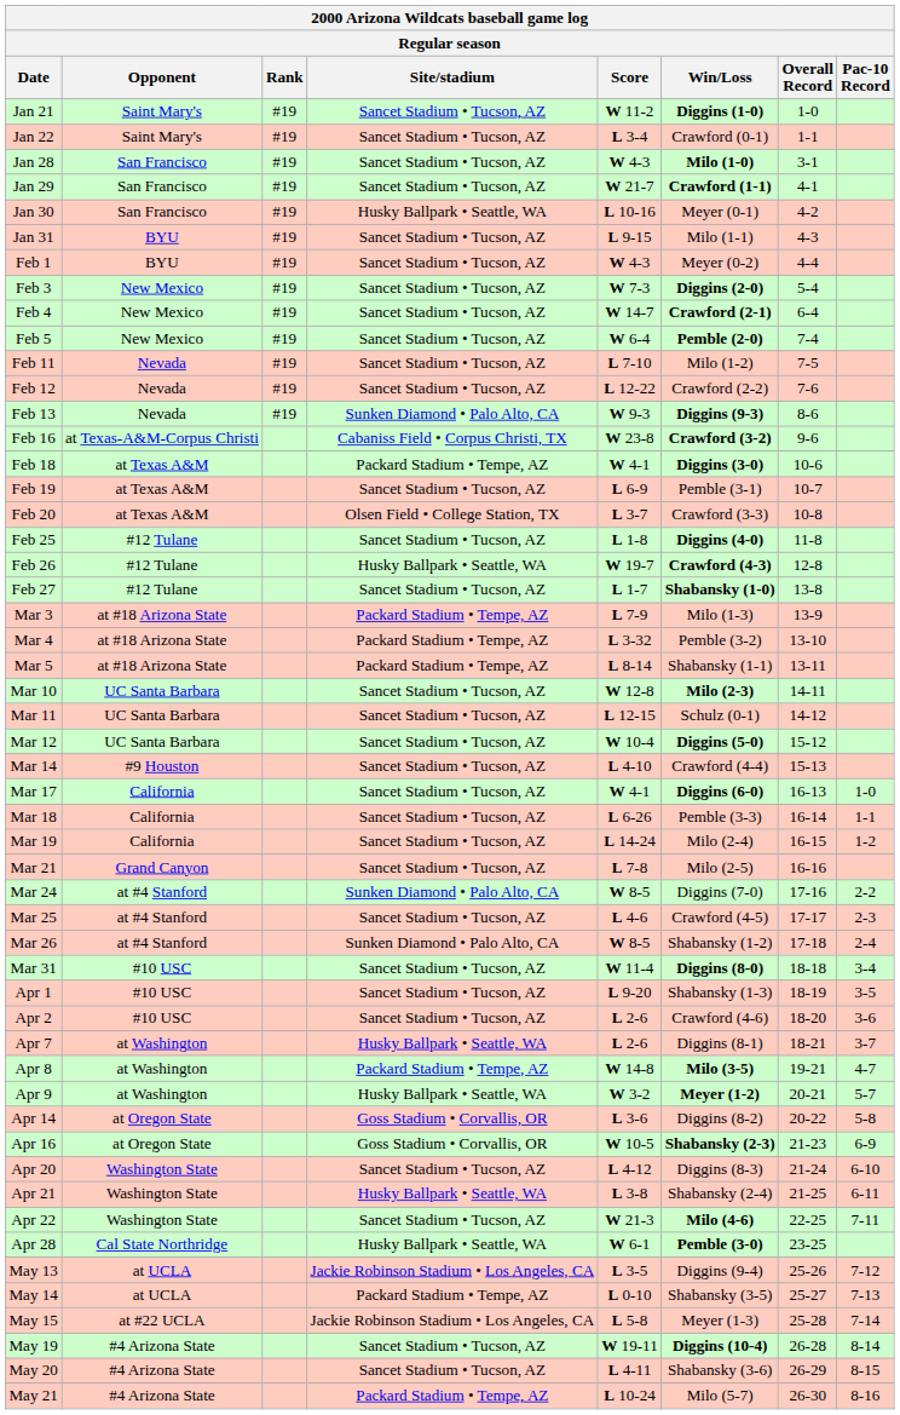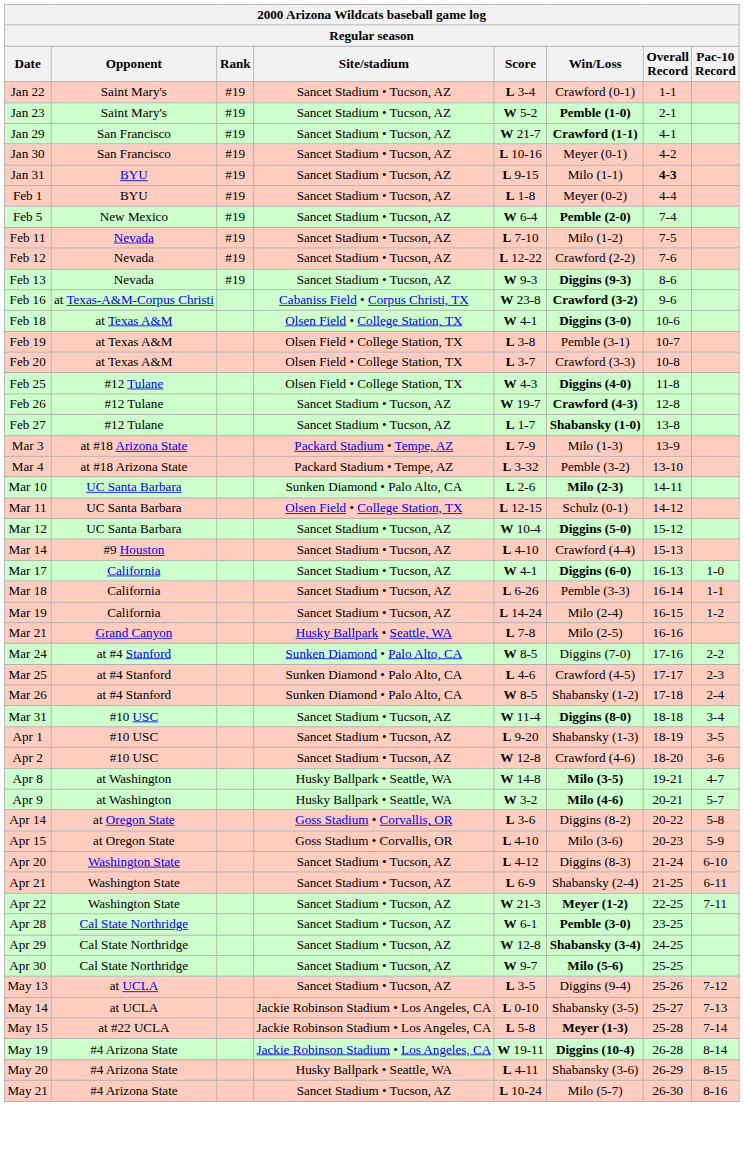 <table class="wikitable">
 <tr>
 <th colspan="8">2000 Arizona Wildcats baseball game log</th>
 </tr>
 <tr>
 <th colspan="8">Regular season</th>
 </tr>
 <tr>
 <th>Date</th>
 <th>Opponent</th>
 <th>Rank</th>
 <th>Site/stadium</th>
 <th>Score</th>
 <th>Win/Loss</th>
 <th>Overall<br>Record</th>
 <th>Pac-10<br>Record</th>
 </tr>
-<tr bgcolor="ccffcc" align="center">
-<td>Jan 21</td>
-<td><a href='#'>Saint Mary's</a></td>
-<td>#19</td>
-<td><a href='#'>Sancet Stadium</a> • <a href='#'>Tucson, AZ</a></td>
-<td><strong>W</strong> 11-2</td>
-<td><strong>Diggins (1-0)</strong></td>
-<td>1-0</td>
-<td></td>
-</tr>
 <tr bgcolor="ffccc" align="center">
 <td>Jan 22</td>
 <td>Saint Mary's</td>
 <td>#19</td>
 <td>Sancet Stadium • Tucson, AZ</td>
 <td><strong>L</strong> 3-4</td>
 <td>Crawford (0-1)</td>
 <td>1-1</td>
 <td></td>
 </tr>
 <tr bgcolor="ccffcc" align="center">
-<td>Jan 28</td>
-<td><a href='#'>San Francisco</a></td>
+<td>Jan 23</td>
+<td>Saint Mary's</td>
 <td>#19</td>
 <td>Sancet Stadium • Tucson, AZ</td>
-<td><strong>W</strong> 4-3</td>
-<td><strong>Milo (1-0)</strong></td>
-<td>3-1</td>
+<td><strong>W</strong> 5-2</td>
+<td><strong>Pemble (1-0)</strong></td>
+<td>2-1</td>
 <td></td>
 </tr>
 <tr bgcolor="ccffcc" align="center">
 <td>Jan 29</td>
 <td>San Francisco</td>
 <td>#19</td>
 <td>Sancet Stadium • Tucson, AZ</td>
 <td><strong>W</strong> 21-7</td>
 <td><strong>Crawford (1-1)</strong></td>
 <td>4-1</td>
 <td></td>
 </tr>
 <tr bgcolor="ffccc" align="center">
 <td>Jan 30</td>
 <td>San Francisco</td>
 <td>#19</td>
-<td>Husky Ballpark • Seattle, WA</td>
+<td>Sancet Stadium • Tucson, AZ</td>
 <td><strong>L</strong> 10-16</td>
 <td>Meyer (0-1)</td>
 <td>4-2</td>
 <td></td>
 </tr>
 <tr bgcolor="ffccc" align="center">
 <td>Jan 31</td>
 <td><a href='#'>BYU</a></td>
 <td>#19</td>
 <td>Sancet Stadium • Tucson, AZ</td>
 <td><strong>L</strong> 9-15</td>
 <td>Milo (1-1)</td>
-<td>4-3</td>
+<td><strong>4-3</strong></td>
 <td></td>
 </tr>
 <tr bgcolor="ffccc" align="center">
 <td>Feb 1</td>
 <td>BYU</td>
 <td>#19</td>
 <td>Sancet Stadium • Tucson, AZ</td>
-<td><strong>W</strong> 4-3</td>
+<td><strong>L</strong> 1-8</td>
 <td>Meyer (0-2)</td>
 <td>4-4</td>
-<td></td>
-</tr>
-<tr bgcolor="ccffcc" align="center">
-<td>Feb 3</td>
-<td><a href='#'>New Mexico</a></td>
-<td>#19</td>
-<td>Sancet Stadium • Tucson, AZ</td>
-<td><strong>W</strong> 7-3</td>
-<td><strong>Diggins (2-0)</strong></td>
-<td>5-4</td>
-<td></td>
-</tr>
-<tr bgcolor="ccffcc" align="center">
-<td>Feb 4</td>
-<td>New Mexico</td>
-<td>#19</td>
-<td>Sancet Stadium • Tucson, AZ</td>
-<td><strong>W</strong> 14-7</td>
-<td><strong>Crawford (2-1)</strong></td>
-<td>6-4</td>
 <td></td>
 </tr>
 <tr bgcolor="ccffcc" align="center">
 <td>Feb 5</td>
 <td>New Mexico</td>
 <td>#19</td>
 <td>Sancet Stadium • Tucson, AZ</td>
 <td><strong>W</strong> 6-4</td>
 <td><strong>Pemble (2-0)</strong></td>
 <td>7-4</td>
 <td></td>
 </tr>
 <tr bgcolor="ffccc" align="center">
 <td>Feb 11</td>
 <td><a href='#'>Nevada</a></td>
 <td>#19</td>
 <td>Sancet Stadium • Tucson, AZ</td>
 <td><strong>L</strong> 7-10</td>
 <td>Milo (1-2)</td>
 <td>7-5</td>
 <td></td>
 </tr>
 <tr bgcolor="ffccc" align="center">
 <td>Feb 12</td>
 <td>Nevada</td>
 <td>#19</td>
 <td>Sancet Stadium • Tucson, AZ</td>
 <td><strong>L</strong> 12-22</td>
 <td>Crawford (2-2)</td>
 <td>7-6</td>
 <td></td>
 </tr>
 <tr bgcolor="ccffcc" align="center">
 <td>Feb 13</td>
 <td>Nevada</td>
 <td>#19</td>
-<td><a href='#'>Sunken Diamond</a> • <a href='#'>Palo Alto, CA</a></td>
+<td>Sancet Stadium • Tucson, AZ</td>
 <td><strong>W</strong> 9-3</td>
 <td><strong>Diggins (9-3)</strong></td>
 <td>8-6</td>
 <td></td>
 </tr>
 <tr bgcolor="ccffcc" align="center">
 <td>Feb 16</td>
 <td>at <a href='#'>Texas-A&M-Corpus Christi</a></td>
 <td></td>
 <td><a href='#'>Cabaniss Field</a> • <a href='#'>Corpus Christi, TX</a></td>
 <td><strong>W</strong> 23-8</td>
 <td><strong>Crawford (3-2)</strong></td>
 <td>9-6</td>
 <td></td>
 </tr>
 <tr bgcolor="ccffcc" align="center">
 <td>Feb 18</td>
 <td>at <a href='#'>Texas A&M</a></td>
 <td></td>
-<td>Packard Stadium • Tempe, AZ</td>
+<td><a href='#'>Olsen Field</a> • <a href='#'>College Station, TX</a></td>
 <td><strong>W</strong> 4-1</td>
 <td><strong>Diggins (3-0)</strong></td>
 <td>10-6</td>
 <td></td>
 </tr>
 <tr bgcolor="ffccc" align="center">
 <td>Feb 19</td>
 <td>at Texas A&M</td>
 <td></td>
-<td>Sancet Stadium • Tucson, AZ</td>
-<td><strong>L</strong> 6-9</td>
+<td>Olsen Field • College Station, TX</td>
+<td><strong>L</strong> 3-8</td>
 <td>Pemble (3-1)</td>
 <td>10-7</td>
 <td></td>
 </tr>
 <tr bgcolor="ffccc" align="center">
 <td>Feb 20</td>
 <td>at Texas A&M</td>
 <td></td>
 <td>Olsen Field • College Station, TX</td>
 <td><strong>L</strong> 3-7</td>
 <td>Crawford (3-3)</td>
 <td>10-8</td>
 <td></td>
 </tr>
 <tr bgcolor="ccffcc" align="center">
 <td>Feb 25</td>
 <td>#12 <a href='#'>Tulane</a></td>
 <td></td>
-<td>Sancet Stadium • Tucson, AZ</td>
-<td><strong>L</strong> 1-8</td>
+<td>Olsen Field • College Station, TX</td>
+<td><strong>W</strong> 4-3</td>
 <td><strong>Diggins (4-0)</strong></td>
 <td>11-8</td>
 <td></td>
 </tr>
 <tr bgcolor="ccffcc" align="center">
 <td>Feb 26</td>
 <td>#12 Tulane</td>
 <td></td>
-<td>Husky Ballpark • Seattle, WA</td>
+<td>Sancet Stadium • Tucson, AZ</td>
 <td><strong>W</strong> 19-7</td>
 <td><strong>Crawford (4-3)</strong></td>
 <td>12-8</td>
 <td></td>
 </tr>
 <tr bgcolor="ccffcc" align="center">
 <td>Feb 27</td>
 <td>#12 Tulane</td>
 <td></td>
 <td>Sancet Stadium • Tucson, AZ</td>
 <td><strong>L</strong> 1-7</td>
 <td><strong>Shabansky (1-0)</strong></td>
 <td>13-8</td>
 <td></td>
 </tr>
 <tr bgcolor="ffccc" align="center">
 <td>Mar 3</td>
 <td>at #18 <a href='#'>Arizona State</a></td>
 <td></td>
 <td><a href='#'>Packard Stadium</a> • <a href='#'>Tempe, AZ</a></td>
 <td><strong>L</strong> 7-9</td>
 <td>Milo (1-3)</td>
 <td>13-9</td>
 <td></td>
 </tr>
 <tr bgcolor="ffccc" align="center">
 <td>Mar 4</td>
 <td>at #18 Arizona State</td>
 <td></td>
 <td>Packard Stadium • Tempe, AZ</td>
 <td><strong>L</strong> 3-32</td>
 <td>Pemble (3-2)</td>
 <td>13-10</td>
 <td></td>
 </tr>
-<tr bgcolor="ffccc" align="center">
-<td>Mar 5</td>
-<td>at #18 Arizona State</td>
-<td></td>
-<td>Packard Stadium • Tempe, AZ</td>
-<td><strong>L</strong> 8-14</td>
-<td>Shabansky (1-1)</td>
-<td>13-11</td>
-<td></td>
-</tr>
 <tr bgcolor="ccffcc" align="center">
 <td>Mar 10</td>
 <td><a href='#'>UC Santa Barbara</a></td>
 <td></td>
-<td>Sancet Stadium • Tucson, AZ</td>
-<td><strong>W</strong> 12-8</td>
+<td>Sunken Diamond • Palo Alto, CA</td>
+<td><strong>L</strong> 2-6</td>
 <td><strong>Milo (2-3)</strong></td>
 <td>14-11</td>
 <td></td>
 </tr>
 <tr bgcolor="ffccc" align="center">
 <td>Mar 11</td>
 <td>UC Santa Barbara</td>
 <td></td>
-<td>Sancet Stadium • Tucson, AZ</td>
+<td><a href='#'>Olsen Field</a> • <a href='#'>College Station, TX</a></td>
 <td><strong>L</strong> 12-15</td>
 <td>Schulz (0-1)</td>
 <td>14-12</td>
 <td></td>
 </tr>
 <tr bgcolor="ccffcc" align="center">
 <td>Mar 12</td>
 <td>UC Santa Barbara</td>
 <td></td>
 <td>Sancet Stadium • Tucson, AZ</td>
 <td><strong>W</strong> 10-4</td>
 <td><strong>Diggins (5-0)</strong></td>
 <td>15-12</td>
 <td></td>
 </tr>
 <tr bgcolor="ffccc" align="center">
 <td>Mar 14</td>
 <td>#9 <a href='#'>Houston</a></td>
 <td></td>
 <td>Sancet Stadium • Tucson, AZ</td>
 <td><strong>L</strong> 4-10</td>
 <td>Crawford (4-4)</td>
 <td>15-13</td>
 <td></td>
 </tr>
 <tr bgcolor="ccffcc" align="center">
 <td>Mar 17</td>
 <td><a href='#'>California</a></td>
 <td></td>
 <td>Sancet Stadium • Tucson, AZ</td>
 <td><strong>W</strong> 4-1</td>
 <td><strong>Diggins (6-0)</strong></td>
 <td>16-13</td>
 <td>1-0</td>
 </tr>
 <tr bgcolor="ffccc" align="center">
 <td>Mar 18</td>
 <td>California</td>
 <td></td>
 <td>Sancet Stadium • Tucson, AZ</td>
 <td><strong>L</strong> 6-26</td>
 <td>Pemble (3-3)</td>
 <td>16-14</td>
 <td>1-1</td>
 </tr>
 <tr bgcolor="ffccc" align="center">
 <td>Mar 19</td>
 <td>California</td>
 <td></td>
 <td>Sancet Stadium • Tucson, AZ</td>
 <td><strong>L</strong> 14-24</td>
 <td>Milo (2-4)</td>
 <td>16-15</td>
 <td>1-2</td>
 </tr>
 <tr bgcolor="ffccc" align="center">
 <td>Mar 21</td>
 <td><a href='#'>Grand Canyon</a></td>
 <td></td>
-<td>Sancet Stadium • Tucson, AZ</td>
+<td><a href='#'>Husky Ballpark</a> • <a href='#'>Seattle, WA</a></td>
 <td><strong>L</strong> 7-8</td>
 <td>Milo (2-5)</td>
 <td>16-16</td>
 <td></td>
 </tr>
 <tr bgcolor="ccffcc" align="center">
 <td>Mar 24</td>
 <td>at #4 <a href='#'>Stanford</a></td>
 <td></td>
 <td><a href='#'>Sunken Diamond</a> • <a href='#'>Palo Alto, CA</a></td>
 <td><strong>W</strong> 8-5</td>
 <td>Diggins (7-0)</td>
 <td>17-16</td>
 <td>2-2</td>
 </tr>
 <tr bgcolor="ffccc" align="center">
 <td>Mar 25</td>
 <td>at #4 Stanford</td>
 <td></td>
-<td>Sancet Stadium • Tucson, AZ</td>
+<td>Sunken Diamond • Palo Alto, CA</td>
 <td><strong>L</strong> 4-6</td>
 <td>Crawford (4-5)</td>
 <td>17-17</td>
 <td>2-3</td>
 </tr>
 <tr bgcolor="ffccc" align="center">
 <td>Mar 26</td>
 <td>at #4 Stanford</td>
 <td></td>
 <td>Sunken Diamond • Palo Alto, CA</td>
 <td><strong>W</strong> 8-5</td>
 <td>Shabansky (1-2)</td>
 <td>17-18</td>
 <td>2-4</td>
 </tr>
 <tr bgcolor="ccffcc" align="center">
 <td>Mar 31</td>
 <td>#10 <a href='#'>USC</a></td>
 <td></td>
 <td>Sancet Stadium • Tucson, AZ</td>
 <td><strong>W</strong> 11-4</td>
 <td><strong>Diggins (8-0)</strong></td>
 <td>18-18</td>
 <td>3-4</td>
 </tr>
 <tr bgcolor="ffccc" align="center">
 <td>Apr 1</td>
 <td>#10 USC</td>
 <td></td>
 <td>Sancet Stadium • Tucson, AZ</td>
 <td><strong>L</strong> 9-20</td>
 <td>Shabansky (1-3)</td>
 <td>18-19</td>
 <td>3-5</td>
 </tr>
 <tr bgcolor="ffccc" align="center">
 <td>Apr 2</td>
 <td>#10 USC</td>
 <td></td>
 <td>Sancet Stadium • Tucson, AZ</td>
-<td><strong>L</strong> 2-6</td>
+<td><strong>W</strong> 12-8</td>
 <td>Crawford (4-6)</td>
 <td>18-20</td>
 <td>3-6</td>
-</tr>
-<tr bgcolor="ffccc" align="center">
-<td>Apr 7</td>
-<td>at <a href='#'>Washington</a></td>
-<td></td>
-<td><a href='#'>Husky Ballpark</a> • <a href='#'>Seattle, WA</a></td>
-<td><strong>L</strong> 2-6</td>
-<td>Diggins (8-1)</td>
-<td>18-21</td>
-<td>3-7</td>
 </tr>
 <tr bgcolor="ccffcc" align="center">
 <td>Apr 8</td>
 <td>at Washington</td>
 <td></td>
-<td><a href='#'>Packard Stadium</a> • <a href='#'>Tempe, AZ</a></td>
+<td>Husky Ballpark • Seattle, WA</td>
 <td><strong>W</strong> 14-8</td>
 <td><strong>Milo (3-5)</strong></td>
 <td>19-21</td>
 <td>4-7</td>
 </tr>
 <tr bgcolor="ccffcc" align="center">
 <td>Apr 9</td>
 <td>at Washington</td>
 <td></td>
 <td>Husky Ballpark • Seattle, WA</td>
 <td><strong>W</strong> 3-2</td>
-<td><strong>Meyer (1-2)</strong></td>
+<td><strong>Milo (4-6)</strong></td>
 <td>20-21</td>
 <td>5-7</td>
 </tr>
 <tr bgcolor="ffccc" align="center">
 <td>Apr 14</td>
 <td>at <a href='#'>Oregon State</a></td>
 <td></td>
 <td><a href='#'>Goss Stadium</a> • <a href='#'>Corvallis, OR</a></td>
 <td><strong>L</strong> 3-6</td>
 <td>Diggins (8-2)</td>
 <td>20-22</td>
 <td>5-8</td>
 </tr>
-<tr bgcolor="ccffcc" align="center">
-<td>Apr 16</td>
+<tr bgcolor="ffccc" align="center">
+<td>Apr 15</td>
 <td>at Oregon State</td>
 <td></td>
 <td>Goss Stadium • Corvallis, OR</td>
-<td><strong>W</strong> 10-5</td>
-<td><strong>Shabansky (2-3)</strong></td>
-<td>21-23</td>
-<td>6-9</td>
+<td><strong>L</strong> 4-10</td>
+<td>Milo (3-6)</td>
+<td>20-23</td>
+<td>5-9</td>
 </tr>
 <tr bgcolor="ffccc" align="center">
 <td>Apr 20</td>
 <td><a href='#'>Washington State</a></td>
 <td></td>
 <td>Sancet Stadium • Tucson, AZ</td>
 <td><strong>L</strong> 4-12</td>
 <td>Diggins (8-3)</td>
 <td>21-24</td>
 <td>6-10</td>
 </tr>
 <tr bgcolor="ffccc" align="center">
 <td>Apr 21</td>
 <td>Washington State</td>
 <td></td>
-<td><a href='#'>Husky Ballpark</a> • <a href='#'>Seattle, WA</a></td>
-<td><strong>L</strong> 3-8</td>
+<td>Sancet Stadium • Tucson, AZ</td>
+<td><strong>L</strong> 6-9</td>
 <td>Shabansky (2-4)</td>
 <td>21-25</td>
 <td>6-11</td>
 </tr>
 <tr bgcolor="ccffcc" align="center">
 <td>Apr 22</td>
 <td>Washington State</td>
 <td></td>
 <td>Sancet Stadium • Tucson, AZ</td>
 <td><strong>W</strong> 21-3</td>
-<td><strong>Milo (4-6)</strong></td>
+<td><strong>Meyer (1-2)</strong></td>
 <td>22-25</td>
 <td>7-11</td>
 </tr>
 <tr bgcolor="ccffcc" align="center">
 <td>Apr 28</td>
 <td><a href='#'>Cal State Northridge</a></td>
 <td></td>
-<td>Husky Ballpark • Seattle, WA</td>
+<td>Sancet Stadium • Tucson, AZ</td>
 <td><strong>W</strong> 6-1</td>
 <td><strong>Pemble (3-0)</strong></td>
 <td>23-25</td>
+<td></td>
+</tr>
+<tr bgcolor="ccffcc" align="center">
+<td>Apr 29</td>
+<td>Cal State Northridge</td>
+<td></td>
+<td>Sancet Stadium • Tucson, AZ</td>
+<td><strong>W</strong> 12-8</td>
+<td><strong>Shabansky (3-4)</strong></td>
+<td>24-25</td>
+<td></td>
+</tr>
+<tr bgcolor="ccffcc" align="center">
+<td>Apr 30</td>
+<td>Cal State Northridge</td>
+<td></td>
+<td>Sancet Stadium • Tucson, AZ</td>
+<td><strong>W</strong> 9-7</td>
+<td><strong>Milo (5-6)</strong></td>
+<td>25-25</td>
 <td></td>
 </tr>
 <tr bgcolor="ffccc" align="center">
 <td>May 13</td>
 <td>at <a href='#'>UCLA</a></td>
 <td></td>
-<td><a href='#'>Jackie Robinson Stadium</a> • <a href='#'>Los Angeles, CA</a></td>
+<td>Sancet Stadium • Tucson, AZ</td>
 <td><strong>L</strong> 3-5</td>
 <td>Diggins (9-4)</td>
 <td>25-26</td>
 <td>7-12</td>
 </tr>
 <tr bgcolor="ffccc" align="center">
 <td>May 14</td>
 <td>at UCLA</td>
 <td></td>
-<td>Packard Stadium • Tempe, AZ</td>
+<td>Jackie Robinson Stadium • Los Angeles, CA</td>
 <td><strong>L</strong> 0-10</td>
 <td>Shabansky (3-5)</td>
 <td>25-27</td>
 <td>7-13</td>
 </tr>
 <tr bgcolor="ffccc" align="center">
 <td>May 15</td>
 <td>at #22 UCLA</td>
 <td></td>
 <td>Jackie Robinson Stadium • Los Angeles, CA</td>
 <td><strong>L</strong> 5-8</td>
-<td>Meyer (1-3)</td>
+<td><strong>Meyer (1-3)</strong></td>
 <td>25-28</td>
 <td>7-14</td>
 </tr>
 <tr bgcolor="ccffcc" align="center">
 <td>May 19</td>
 <td>#4 Arizona State</td>
 <td></td>
-<td>Sancet Stadium • Tucson, AZ</td>
+<td><a href='#'>Jackie Robinson Stadium</a> • <a href='#'>Los Angeles, CA</a></td>
 <td><strong>W</strong> 19-11</td>
 <td><strong>Diggins (10-4)</strong></td>
 <td>26-28</td>
 <td>8-14</td>
 </tr>
 <tr bgcolor="ffccc" align="center">
 <td>May 20</td>
 <td>#4 Arizona State</td>
 <td></td>
-<td>Sancet Stadium • Tucson, AZ</td>
+<td>Husky Ballpark • Seattle, WA</td>
 <td><strong>L</strong> 4-11</td>
 <td>Shabansky (3-6)</td>
 <td>26-29</td>
 <td>8-15</td>
 </tr>
 <tr bgcolor="ffccc" align="center">
 <td>May 21</td>
 <td>#4 Arizona State</td>
 <td></td>
-<td><a href='#'>Packard Stadium</a> • <a href='#'>Tempe, AZ</a></td>
+<td>Sancet Stadium • Tucson, AZ</td>
 <td><strong>L</strong> 10-24</td>
 <td>Milo (5-7)</td>
 <td>26-30</td>
 <td>8-16</td>
 </tr>
 </table>
